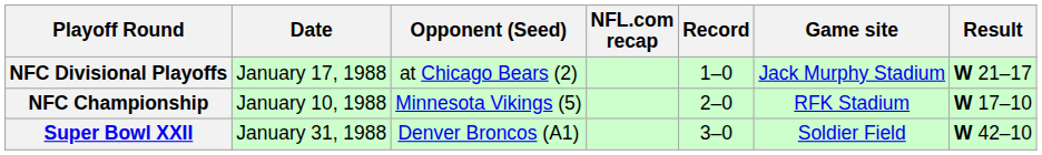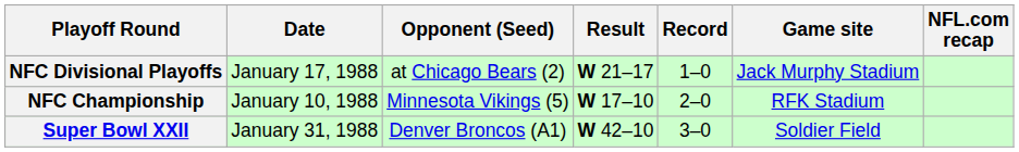 <table class="wikitable" style="text-align:center">
 <tr>
 <th>Playoff Round</th>
 <th>Date</th>
 <th>Opponent (Seed)</th>
-<th>NFL.com<br>recap</th>
+<th>Result</th>
 <th>Record</th>
 <th>Game site</th>
-<th>Result</th>
+<th>NFL.com<br>recap</th>
 </tr>
 <tr style="text-align:center; background:#cfc;">
 <th>NFC Divisional Playoffs</th>
 <td>January 17, 1988</td>
 <td>at <a href='#'>Chicago Bears</a> (2)</td>
-<td></td>
+<td><strong>W</strong> 21–17</td>
 <td>1–0</td>
 <td><a href='#'>Jack Murphy Stadium</a></td>
-<td><strong>W</strong> 21–17</td>
+<td></td>
 </tr>
 <tr style="text-align:center; background:#cfc;">
 <th>NFC Championship</th>
 <td>January 10, 1988</td>
 <td><a href='#'>Minnesota Vikings</a>  (5)</td>
-<td></td>
+<td><strong>W</strong> 17–10</td>
 <td>2–0</td>
 <td><a href='#'>RFK Stadium</a></td>
-<td><strong>W</strong> 17–10</td>
+<td></td>
 </tr>
 <tr style="text-align:center; background:#cfc;">
 <th><a href='#'>Super Bowl XXII</a></th>
 <td>January 31, 1988</td>
 <td><a href='#'>Denver Broncos</a>  (A1)</td>
-<td></td>
+<td><strong>W</strong> 42–10</td>
 <td>3–0</td>
 <td><a href='#'>Soldier Field</a></td>
-<td><strong>W</strong> 42–10</td>
+<td></td>
 </tr>
 </table>
